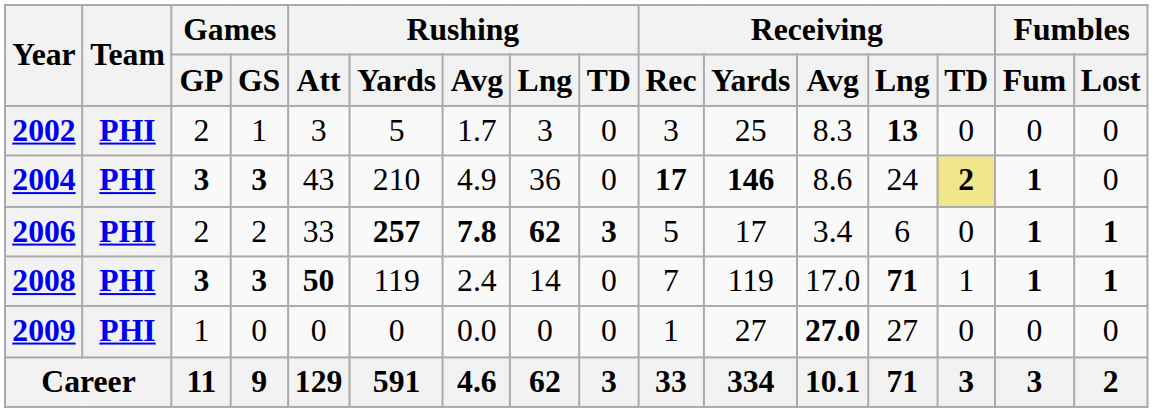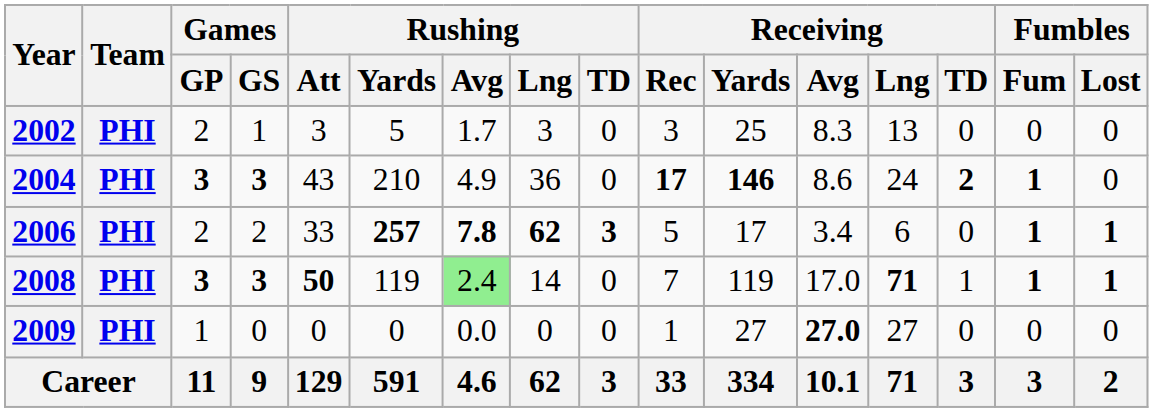 <table class="wikitable" style="text-align: center;">
 <tr>
 <th rowspan="2">Year</th>
 <th rowspan="2">Team</th>
 <th colspan="2">Games</th>
 <th colspan="5">Rushing</th>
 <th colspan="5">Receiving</th>
 <th colspan="2">Fumbles</th>
 </tr>
 <tr>
 <th>GP</th>
 <th>GS</th>
 <th>Att</th>
 <th>Yards</th>
 <th>Avg</th>
 <th>Lng</th>
 <th>TD</th>
 <th>Rec</th>
 <th>Yards</th>
 <th>Avg</th>
 <th>Lng</th>
 <th>TD</th>
 <th>Fum</th>
 <th>Lost</th>
 </tr>
 <tr>
 <th><a href='#'>2002</a></th>
 <th><a href='#'>PHI</a></th>
 <td>2</td>
 <td>1</td>
 <td>3</td>
 <td>5</td>
 <td>1.7</td>
 <td>3</td>
 <td>0</td>
 <td>3</td>
 <td>25</td>
 <td>8.3</td>
-<td><strong>13</strong></td>
+<td>13</td>
 <td>0</td>
 <td>0</td>
 <td>0</td>
 </tr>
 <tr>
 <th><a href='#'>2004</a></th>
 <th><a href='#'>PHI</a></th>
 <td><strong>3</strong></td>
 <td><strong>3</strong></td>
 <td>43</td>
 <td>210</td>
 <td>4.9</td>
 <td>36</td>
 <td>0</td>
 <td><strong>17</strong></td>
 <td><strong>146</strong></td>
 <td>8.6</td>
 <td>24</td>
-<td style="background: khaki;"><strong>2</strong></td>
+<td><strong>2</strong></td>
 <td><strong>1</strong></td>
 <td>0</td>
 </tr>
 <tr>
 <th><a href='#'>2006</a></th>
 <th><a href='#'>PHI</a></th>
 <td>2</td>
 <td>2</td>
 <td>33</td>
 <td><strong>257</strong></td>
 <td><strong>7.8</strong></td>
 <td><strong>62</strong></td>
 <td><strong>3</strong></td>
 <td>5</td>
 <td>17</td>
 <td>3.4</td>
 <td>6</td>
 <td>0</td>
 <td><strong>1</strong></td>
 <td><strong>1</strong></td>
 </tr>
 <tr>
 <th><a href='#'>2008</a></th>
 <th><a href='#'>PHI</a></th>
 <td><strong>3</strong></td>
 <td><strong>3</strong></td>
 <td><strong>50</strong></td>
 <td>119</td>
-<td>2.4</td>
+<td style="background: lightgreen;">2.4</td>
 <td>14</td>
 <td>0</td>
 <td>7</td>
 <td>119</td>
 <td>17.0</td>
 <td><strong>71</strong></td>
 <td>1</td>
 <td><strong>1</strong></td>
 <td><strong>1</strong></td>
 </tr>
 <tr>
 <th><a href='#'>2009</a></th>
 <th><a href='#'>PHI</a></th>
 <td>1</td>
 <td>0</td>
 <td>0</td>
 <td>0</td>
 <td>0.0</td>
 <td>0</td>
 <td>0</td>
 <td>1</td>
 <td>27</td>
 <td><strong>27.0</strong></td>
 <td>27</td>
 <td>0</td>
 <td>0</td>
 <td>0</td>
 </tr>
 <tr>
 <th colspan="2">Career</th>
 <th>11</th>
 <th>9</th>
 <th>129</th>
 <th>591</th>
 <th>4.6</th>
 <th>62</th>
 <th>3</th>
 <th>33</th>
 <th>334</th>
 <th>10.1</th>
 <th>71</th>
 <th>3</th>
 <th>3</th>
 <th>2</th>
 </tr>
 </table>
